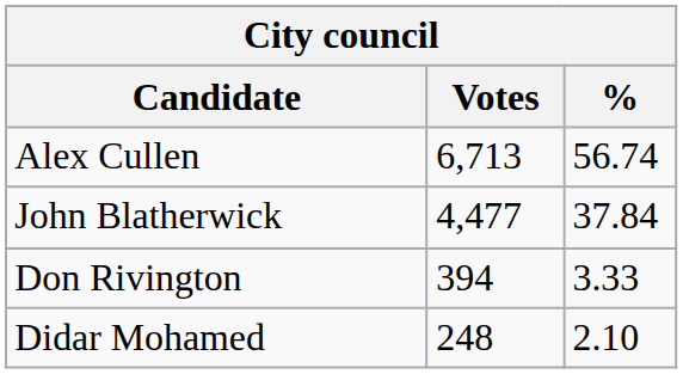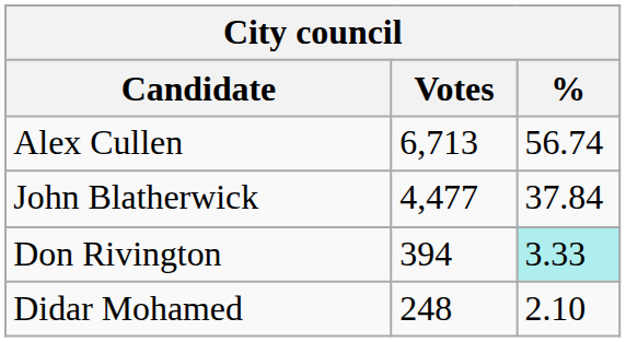 <table class="wikitable">
 <tr>
 <th colspan="3">City council</th>
 </tr>
 <tr>
 <th style="width: 170px">Candidate</th>
 <th style="width: 50px">Votes</th>
 <th style="width: 40px">%</th>
 </tr>
 <tr>
 <td>Alex Cullen</td>
 <td>6,713</td>
 <td>56.74</td>
 </tr>
 <tr>
 <td>John Blatherwick</td>
 <td>4,477</td>
 <td>37.84</td>
 </tr>
 <tr>
 <td>Don Rivington</td>
 <td>394</td>
-<td>3.33</td>
+<td style="background: paleturquoise;">3.33</td>
 </tr>
 <tr>
 <td>Didar Mohamed</td>
 <td>248</td>
 <td>2.10</td>
 </tr>
 </table>
